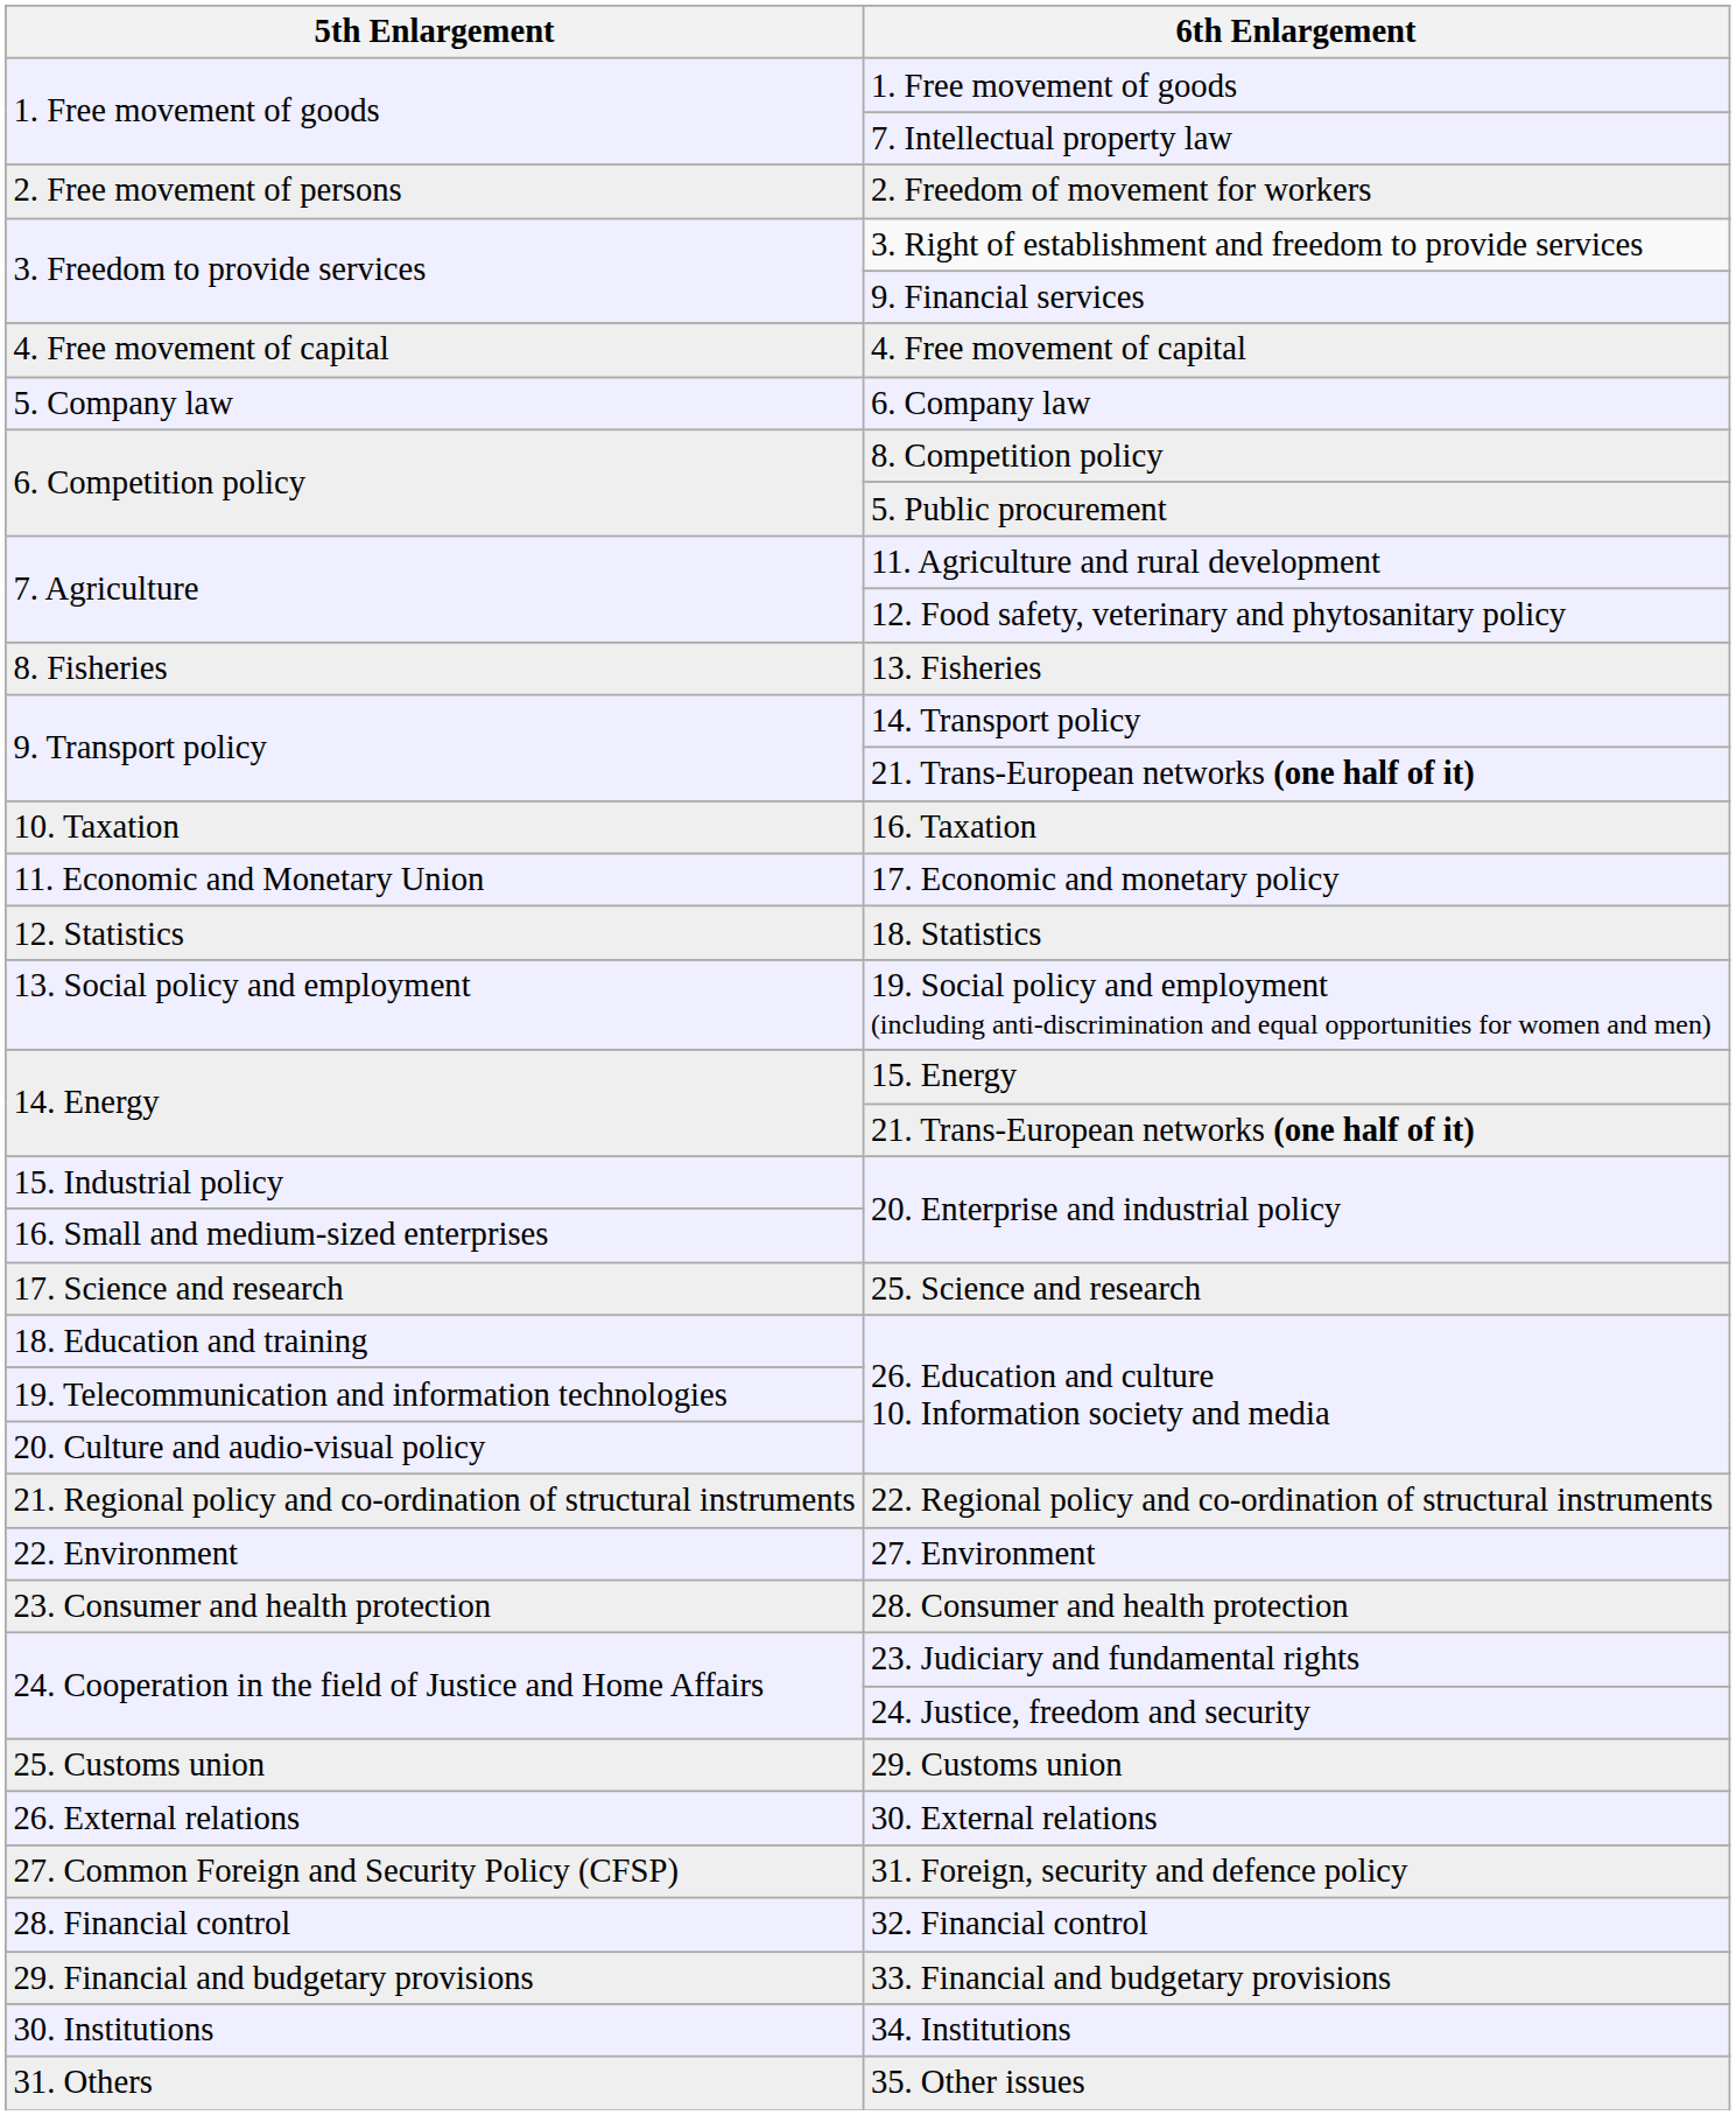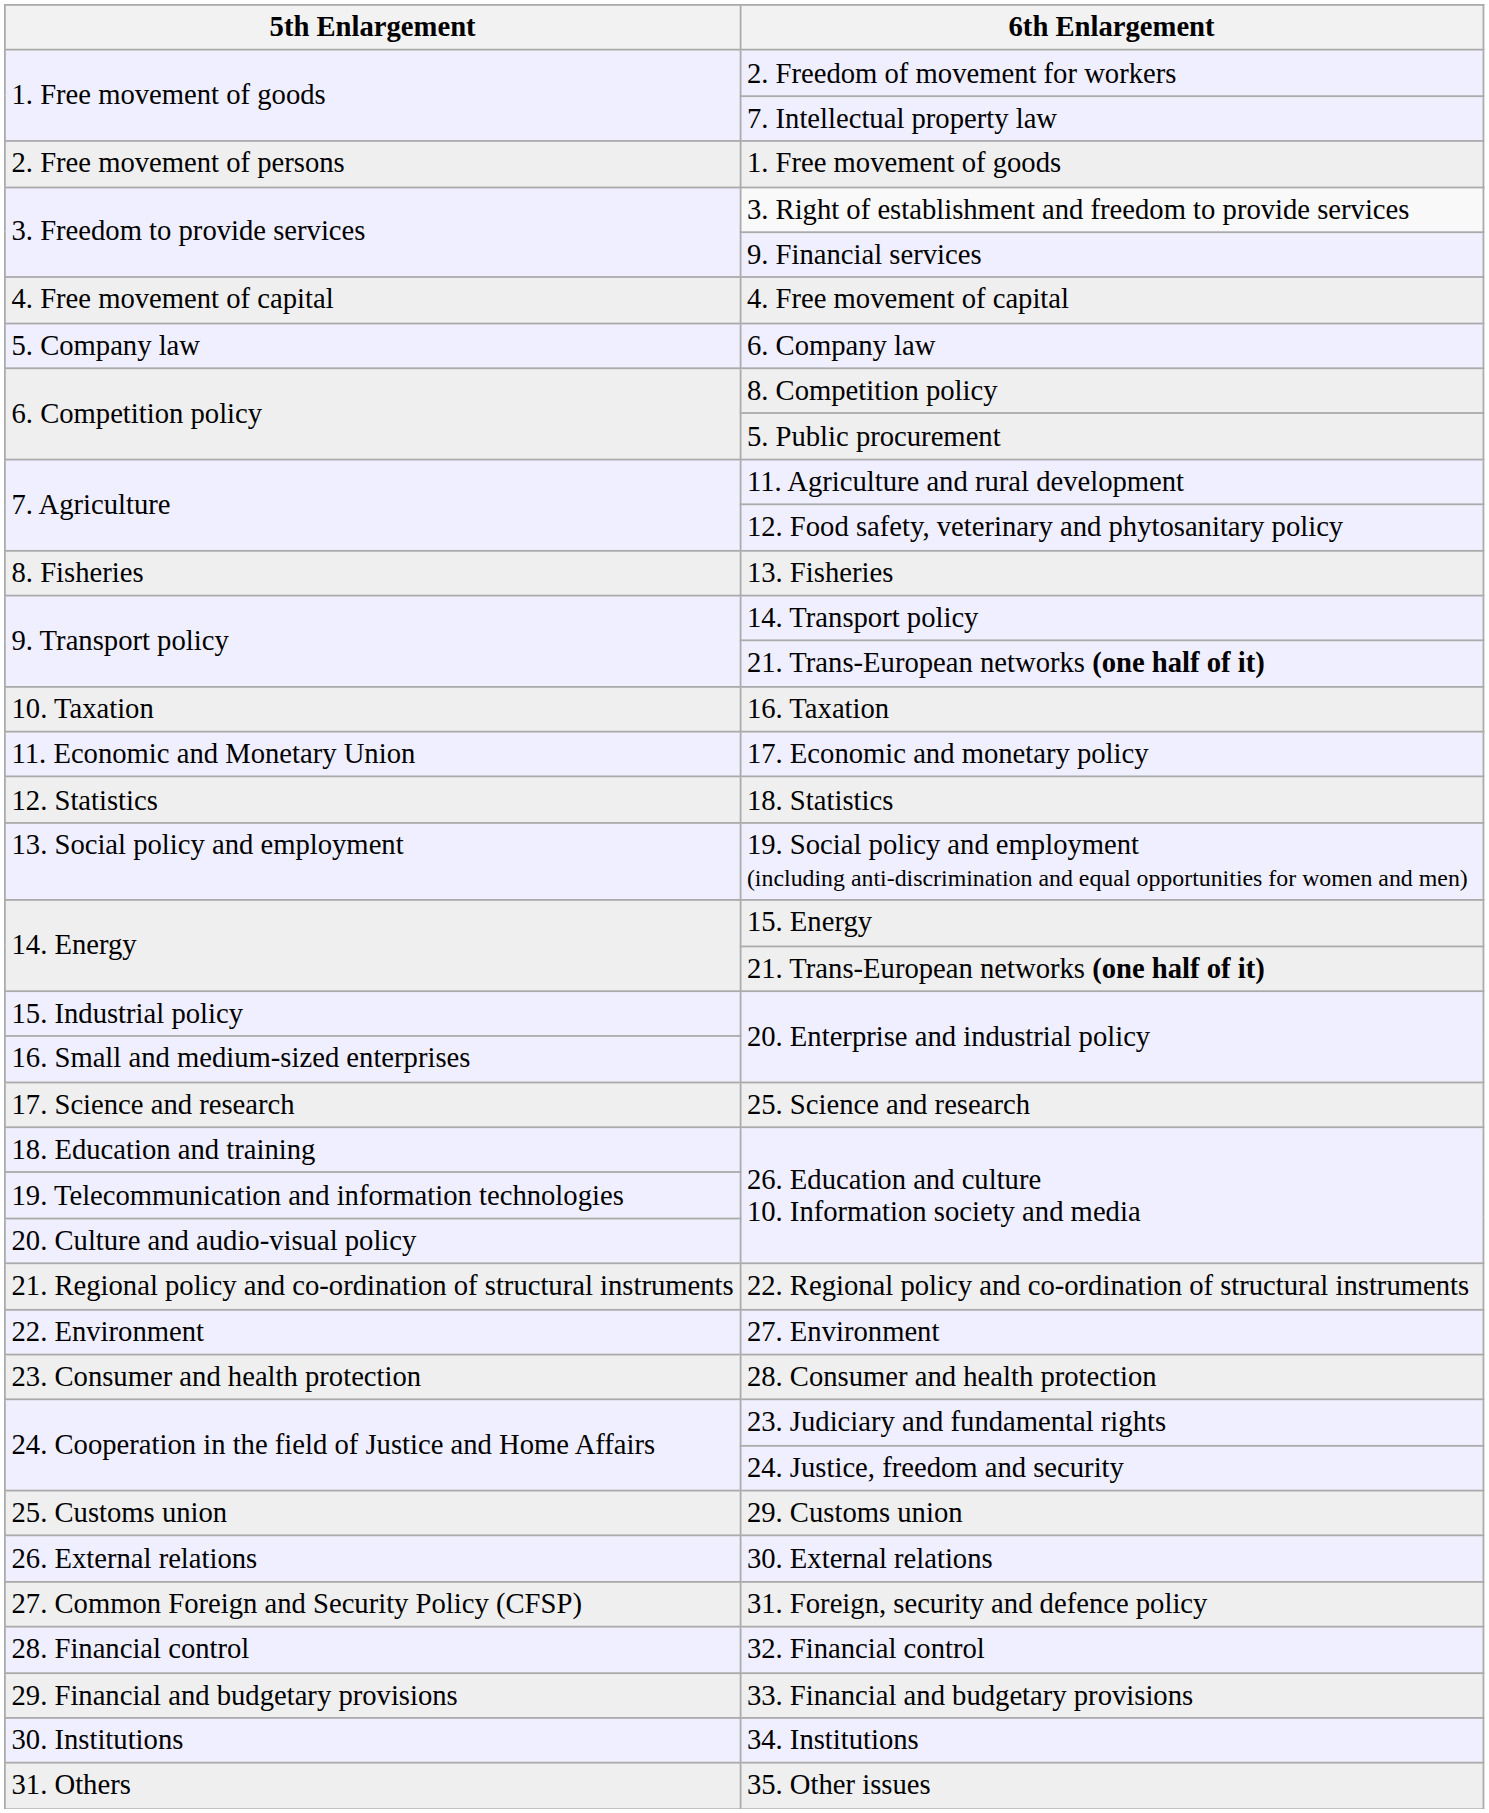 <table class="wikitable">
 <tr ---->
 <th>5th Enlargement</th>
 <th>6th Enlargement</th>
 </tr>
 <tr ---- bgcolor="#efefff">
 <td rowspan="2" valign="middle">1. Free movement of goods</td>
-<td>1. Free movement of goods </td>
+<td>2. Freedom of movement for workers </td>
 </tr>
 <tr ---- bgcolor="#efefff">
 <td>7. Intellectual property law </td>
 </tr>
 <tr ---- bgcolor="#efefef">
 <td rowspan="2" valign="middle">2. Free movement of persons</td>
-<td>2. Freedom of movement for workers </td>
+<td>1. Free movement of goods </td>
 </tr>
 <tr ---->
 <td rowspan="2">3. Right of establishment and freedom to provide services </td>
 </tr>
 <tr ---- bgcolor="#efefff">
 <td rowspan="2" valign="middle">3. Freedom to provide services</td>
 </tr>
 <tr ---- bgcolor="#efefff">
 <td>9. Financial services </td>
 </tr>
 <tr ---- bgcolor="#efefef">
 <td rowspan="1" valign="top">4. Free movement of capital</td>
 <td>4. Free movement of capital </td>
 </tr>
 <tr ---- bgcolor="#efefff">
 <td rowspan="1" valign="top">5. Company law</td>
 <td>6. Company law </td>
 </tr>
 <tr ---- bgcolor="#efefef">
 <td rowspan="2" valign="middle">6. Competition policy</td>
 <td>8. Competition policy </td>
 </tr>
 <tr ---- bgcolor="#efefef">
 <td>5. Public procurement </td>
 </tr>
 <tr ---- bgcolor="#efefff">
 <td rowspan="2" valign="middle">7. Agriculture</td>
 <td>11. Agriculture and rural development </td>
 </tr>
 <tr ---- bgcolor="#efefff">
 <td>12. Food safety, veterinary and phytosanitary policy </td>
 </tr>
 <tr ---- bgcolor="#efefef">
 <td rowspan="1" valign="top">8. Fisheries</td>
 <td>13. Fisheries </td>
 </tr>
 <tr ---- bgcolor="#efefff">
 <td rowspan="2" valign="middle">9. Transport policy</td>
 <td>14. Transport policy </td>
 </tr>
 <tr ---- bgcolor="#efefff">
 <td>21. Trans-European networks <strong>(one half of it)</strong> </td>
 </tr>
 <tr ---- bgcolor="#efefef">
 <td rowspan="1" valign="top">10. Taxation</td>
 <td>16. Taxation </td>
 </tr>
 <tr ---- bgcolor="#efefff">
 <td rowspan="1" valign="top">11. Economic and Monetary Union</td>
 <td>17. Economic and monetary policy </td>
 </tr>
 <tr ---- bgcolor="#efefef">
 <td rowspan="1" valign="top">12. Statistics</td>
 <td>18. Statistics </td>
 </tr>
 <tr ---- bgcolor="#efefff">
 <td rowspan="1" valign="top">13. Social policy and employment</td>
 <td>19. Social policy and employment<br><small>(including anti-discrimination and equal opportunities for women and men)</small> </td>
 </tr>
 <tr ---- bgcolor="#efefef">
 <td rowspan="2" valign="middle">14. Energy</td>
 <td>15. Energy </td>
 </tr>
 <tr ---- bgcolor="#efefef">
 <td>21. Trans-European networks <strong>(one half of it)</strong> </td>
 </tr>
 <tr ---- bgcolor="#efefff">
 <td rowspan="1" valign="top">15. Industrial policy</td>
 <td rowspan="2" valign="middle">20. Enterprise and industrial policy </td>
 </tr>
 <tr ---- bgcolor="#efefff">
 <td>16. Small and medium-sized enterprises </td>
 </tr>
 <tr ---- bgcolor="#efefef">
 <td rowspan="1" valign="top">17. Science and research</td>
 <td>25. Science and research </td>
 </tr>
 <tr ---- bgcolor="#efefff">
 <td rowspan="1" valign="top">18. Education and training</td>
 <td rowspan="3" valign="middle">26. Education and culture<br>10. Information society and media </td>
 </tr>
 <tr ---- bgcolor="#efefff">
 <td>19. Telecommunication and information technologies </td>
 </tr>
 <tr ---- bgcolor="#efefff">
 <td>20. Culture and audio-visual policy </td>
 </tr>
 <tr ---- bgcolor="#efefef">
 <td rowspan="1" valign="top">21. Regional policy and co-ordination of structural instruments</td>
 <td>22. Regional policy and co-ordination of structural instruments </td>
 </tr>
 <tr ---- bgcolor="#efefff">
 <td rowspan="1" valign="top">22. Environment</td>
 <td>27. Environment </td>
 </tr>
 <tr ---- bgcolor="#efefef">
 <td rowspan="1" valign="top">23. Consumer and health protection</td>
 <td>28. Consumer and health protection </td>
 </tr>
 <tr ---- bgcolor="#efefff">
 <td rowspan="2" valign="middle">24. Cooperation in the field of Justice and Home Affairs</td>
 <td>23. Judiciary and fundamental rights </td>
 </tr>
 <tr ---- bgcolor="#efefff">
 <td>24. Justice, freedom and security </td>
 </tr>
 <tr ---- bgcolor="#efefef">
 <td rowspan="1" valign="top">25. Customs union</td>
 <td>29. Customs union </td>
 </tr>
 <tr ---- bgcolor="#efefff">
 <td rowspan="1" valign="top">26. External relations</td>
 <td>30. External relations </td>
 </tr>
 <tr ---- bgcolor="#efefef">
 <td rowspan="1" valign="top">27. Common Foreign and Security Policy (CFSP)</td>
 <td>31. Foreign, security and defence policy </td>
 </tr>
 <tr ---- bgcolor="#efefff">
 <td rowspan="1" valign="top">28. Financial control</td>
 <td>32. Financial control </td>
 </tr>
 <tr ---- bgcolor="#efefef">
 <td rowspan="1" valign="top">29. Financial and budgetary provisions</td>
 <td>33. Financial and budgetary provisions </td>
 </tr>
 <tr ---- bgcolor="#efefff">
 <td rowspan="1" valign="top">30. Institutions</td>
 <td>34. Institutions </td>
 </tr>
 <tr ---- bgcolor="#efefef">
 <td rowspan="1" valign="top">31. Others</td>
 <td>35. Other issues </td>
 </tr>
 </table>
